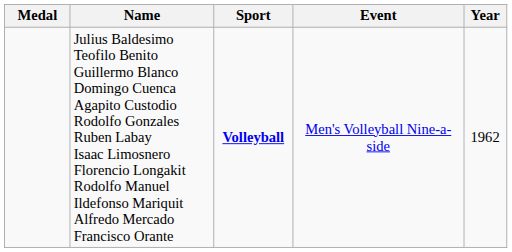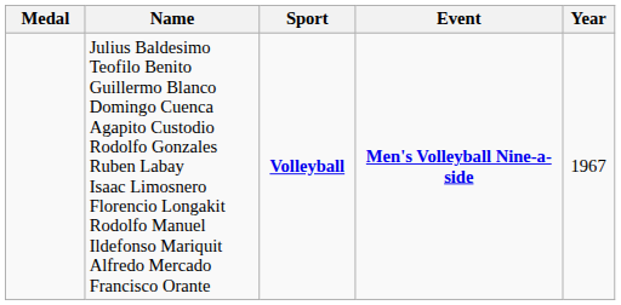 <table class="wikitable"  style="font-size:100%;  text-align:center;">
 <tr>
 <th width="65">Medal</th>
 <th width="150">Name</th>
 <th width="80">Sport</th>
 <th width="180">Event</th>
 <th width="40">Year</th>
 </tr>
 <tr>
 <td></td>
 <td align=left>Julius Baldesimo<br>Teofilo Benito<br>Guillermo Blanco<br>Domingo Cuenca<br>Agapito Custodio<br>Rodolfo Gonzales<br>Ruben Labay<br>Isaac Limosnero<br>Florencio Longakit<br>Rodolfo Manuel<br>Ildefonso Mariquit<br>Alfredo Mercado<br>Francisco Orante</td>
 <td><strong><a href='#'>Volleyball</a></strong></td>
-<td><a href='#'>Men's Volleyball Nine-a-side</a></td>
-<td>1962</td>
+<td><strong><a href='#'>Men's Volleyball Nine-a-side</a></strong></td>
+<td>1967</td>
 </tr>
 </table>
